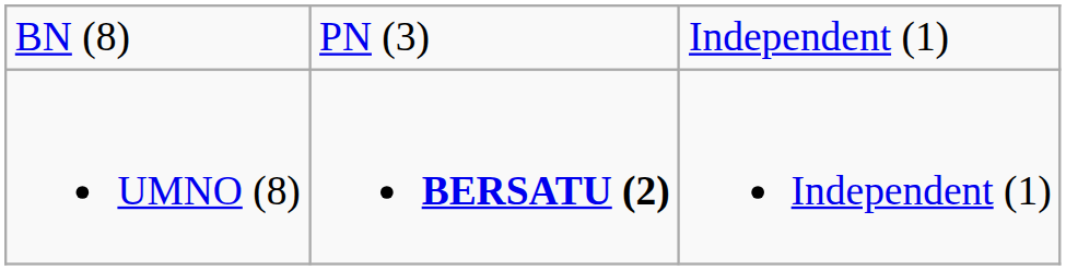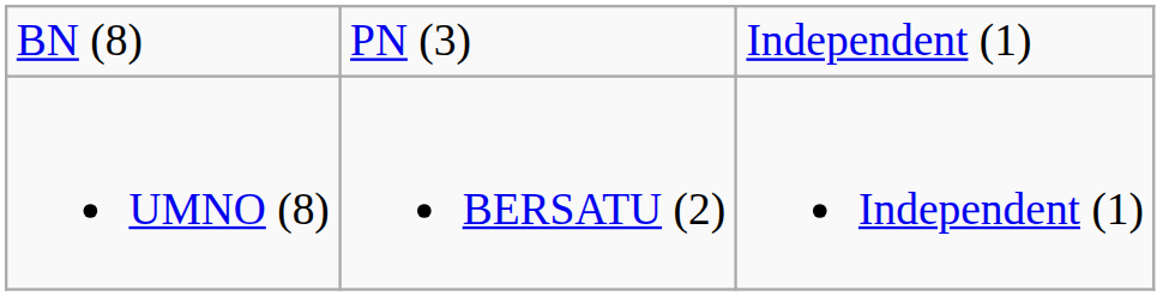 <table class="wikitable">
 <tr>
 <td> <a href='#'>BN</a> (8)</td>
 <td> <a href='#'>PN</a> (3)</td>
 <td> <a href='#'>Independent</a> (1)</td>
 </tr>
 <tr>
 <td><br><ul><li> <a href='#'>UMNO</a> (8)</li></ul></td>
-<td><strong><br><ul><li> <a href='#'>BERSATU</a> (2)</li></ul></strong></td>
+<td><br><ul><li> <a href='#'>BERSATU</a> (2)</li></ul></td>
 <td><br><ul><li> <a href='#'>Independent</a> (1)</li></ul></td>
 </tr>
 </table>
